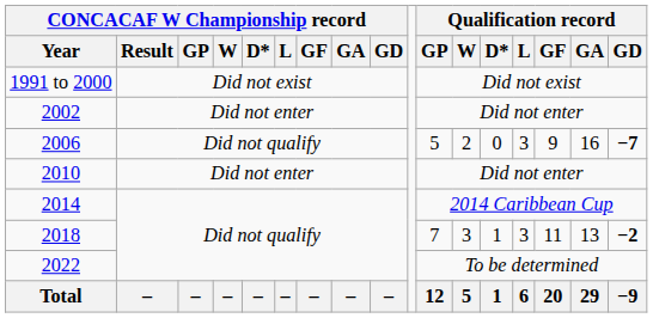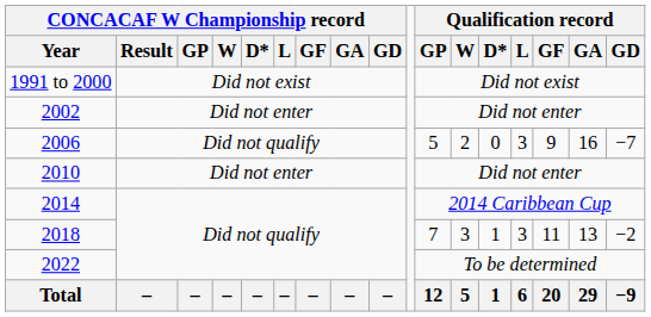 <table class="wikitable" style="text-align: center;" width:50%;">
 <tr>
 <th colspan=9><a href='#'>CONCACAF W Championship</a> record</th>
 <td rowspan=13></td>
 <th colspan=7>Qualification record</th>
 </tr>
 <tr>
 <th>Year</th>
 <th>Result</th>
 <th>GP</th>
 <th>W</th>
 <th>D*</th>
 <th>L</th>
 <th>GF</th>
 <th>GA</th>
 <th>GD</th>
 <th>GP</th>
 <th>W</th>
 <th>D*</th>
 <th>L</th>
 <th>GF</th>
 <th>GA</th>
 <th>GD</th>
 </tr>
 <tr>
 <td> <a href='#'>1991</a> to  <a href='#'>2000</a></td>
 <td colspan=8><em>Did not exist</em></td>
 <td colspan=7><em>Did not exist</em></td>
 </tr>
 <tr>
 <td> <a href='#'>2002</a></td>
 <td colspan=8><em>Did not enter</em></td>
 <td colspan=7><em>Did not enter</em></td>
 </tr>
 <tr>
 <td> <a href='#'>2006</a></td>
 <td colspan=8><em>Did not qualify</em></td>
 <td>5</td>
 <td>2</td>
 <td>0</td>
 <td>3</td>
 <td>9</td>
 <td>16</td>
-<td><strong>−7</strong></td>
+<td>−7</td>
 </tr>
 <tr>
 <td> <a href='#'>2010</a></td>
 <td colspan=8><em>Did not enter</em></td>
 <td colspan=7><em>Did not enter</em></td>
 </tr>
 <tr>
 <td> <a href='#'>2014</a></td>
 <td colspan=8 rowspan=3><em>Did not qualify</em></td>
 <td colspan=7><em><a href='#'>2014 Caribbean Cup</a></em></td>
 </tr>
 <tr>
 <td> <a href='#'>2018</a></td>
 <td>7</td>
 <td>3</td>
 <td>1</td>
 <td>3</td>
 <td>11</td>
 <td>13</td>
-<td><strong>−2</strong></td>
+<td>−2</td>
 </tr>
 <tr>
 <td> <a href='#'>2022</a></td>
 <td colspan=7><em>To be determined</em></td>
 </tr>
 <tr>
 <th>Total</th>
 <th>–</th>
 <th>–</th>
 <th>–</th>
 <th>–</th>
 <th>–</th>
 <th>–</th>
 <th>–</th>
 <th>–</th>
 <th>12</th>
 <th>5</th>
 <th>1</th>
 <th>6</th>
 <th>20</th>
 <th>29</th>
 <th>−9</th>
 </tr>
 </table>
